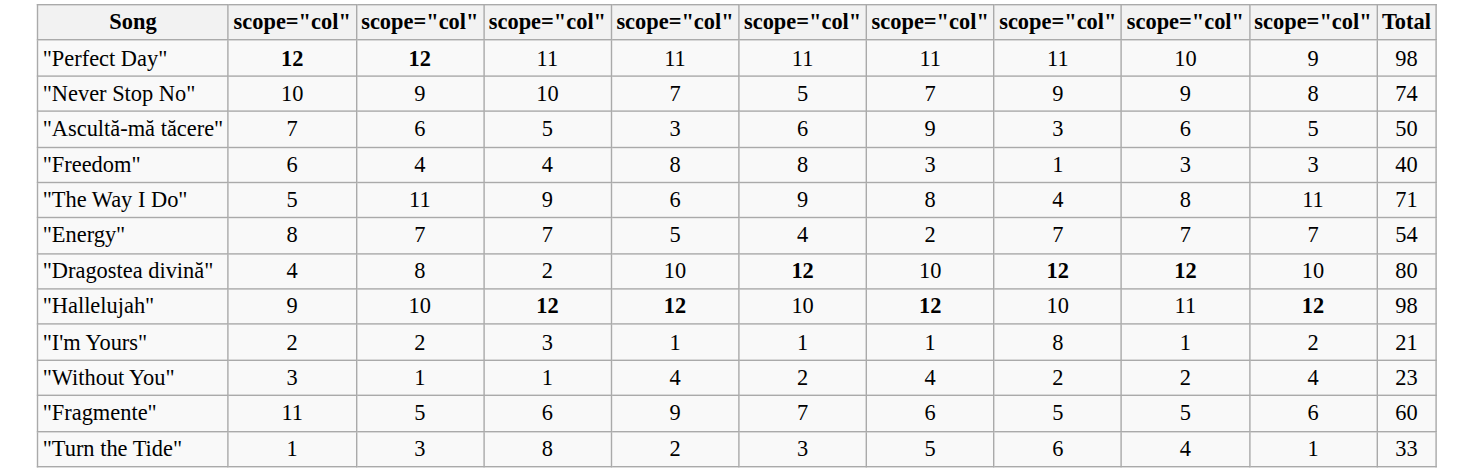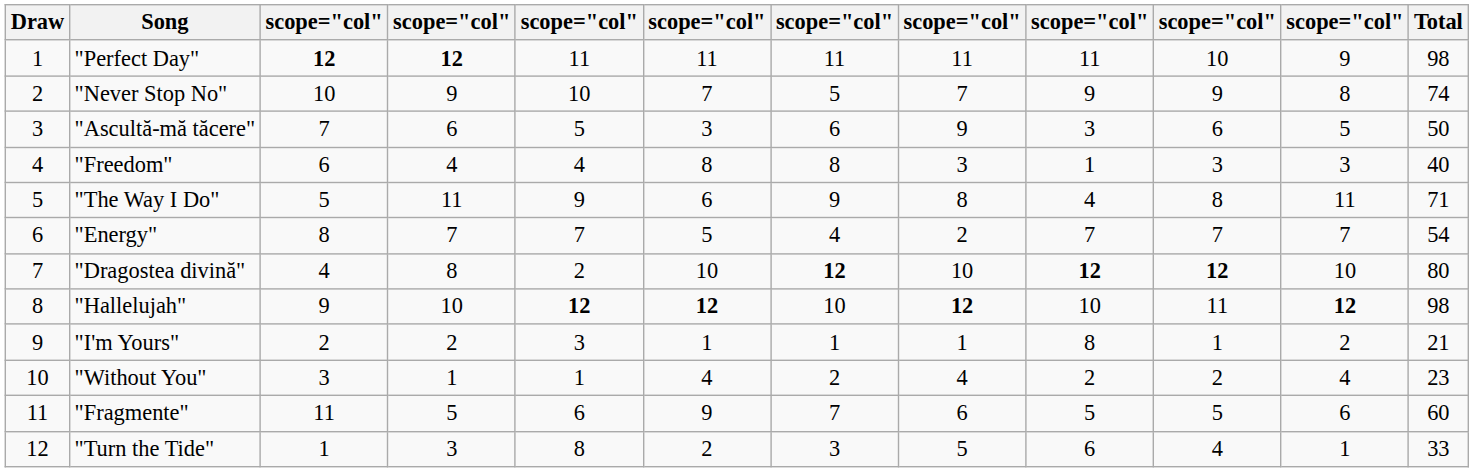 <table class="wikitable collapsible" style="margin: 1em auto 1em auto; text-align:center;">
 <tr>
+<th>Draw</th>
 <th>Song</th>
 <th>scope="col" </th>
 <th>scope="col" </th>
 <th>scope="col" </th>
 <th>scope="col" </th>
 <th>scope="col" </th>
 <th>scope="col" </th>
 <th>scope="col" </th>
 <th>scope="col" </th>
 <th>scope="col" </th>
 <th>Total</th>
 </tr>
 <tr>
+<td>1</td>
 <td align="left">"Perfect Day"</td>
 <td><strong>12</strong></td>
 <td><strong>12</strong></td>
 <td>11</td>
 <td>11</td>
 <td>11</td>
 <td>11</td>
 <td>11</td>
 <td>10</td>
 <td>9</td>
 <td>98</td>
 </tr>
 <tr>
+<td>2</td>
 <td align="left">"Never Stop No"</td>
 <td>10</td>
 <td>9</td>
 <td>10</td>
 <td>7</td>
 <td>5</td>
 <td>7</td>
 <td>9</td>
 <td>9</td>
 <td>8</td>
 <td>74</td>
 </tr>
 <tr>
+<td>3</td>
 <td align="left">"Ascultă-mă tăcere"</td>
 <td>7</td>
 <td>6</td>
 <td>5</td>
 <td>3</td>
 <td>6</td>
 <td>9</td>
 <td>3</td>
 <td>6</td>
 <td>5</td>
 <td>50</td>
 </tr>
 <tr>
+<td>4</td>
 <td align="left">"Freedom"</td>
 <td>6</td>
 <td>4</td>
 <td>4</td>
 <td>8</td>
 <td>8</td>
 <td>3</td>
 <td>1</td>
 <td>3</td>
 <td>3</td>
 <td>40</td>
 </tr>
 <tr>
+<td>5</td>
 <td align="left">"The Way I Do"</td>
 <td>5</td>
 <td>11</td>
 <td>9</td>
 <td>6</td>
 <td>9</td>
 <td>8</td>
 <td>4</td>
 <td>8</td>
 <td>11</td>
 <td>71</td>
 </tr>
 <tr>
+<td>6</td>
 <td align="left">"Energy"</td>
 <td>8</td>
 <td>7</td>
 <td>7</td>
 <td>5</td>
 <td>4</td>
 <td>2</td>
 <td>7</td>
 <td>7</td>
 <td>7</td>
 <td>54</td>
 </tr>
 <tr>
+<td>7</td>
 <td align="left">"Dragostea divină"</td>
 <td>4</td>
 <td>8</td>
 <td>2</td>
 <td>10</td>
 <td><strong>12</strong></td>
 <td>10</td>
 <td><strong>12</strong></td>
 <td><strong>12</strong></td>
 <td>10</td>
 <td>80</td>
 </tr>
 <tr>
+<td>8</td>
 <td align="left">"Hallelujah"</td>
 <td>9</td>
 <td>10</td>
 <td><strong>12</strong></td>
 <td><strong>12</strong></td>
 <td>10</td>
 <td><strong>12</strong></td>
 <td>10</td>
 <td>11</td>
 <td><strong>12</strong></td>
 <td>98</td>
 </tr>
 <tr>
+<td>9</td>
 <td align="left">"I'm Yours"</td>
 <td>2</td>
 <td>2</td>
 <td>3</td>
 <td>1</td>
 <td>1</td>
 <td>1</td>
 <td>8</td>
 <td>1</td>
 <td>2</td>
 <td>21</td>
 </tr>
 <tr>
+<td>10</td>
 <td align="left">"Without You"</td>
 <td>3</td>
 <td>1</td>
 <td>1</td>
 <td>4</td>
 <td>2</td>
 <td>4</td>
 <td>2</td>
 <td>2</td>
 <td>4</td>
 <td>23</td>
 </tr>
 <tr>
+<td>11</td>
 <td align="left">"Fragmente"</td>
 <td>11</td>
 <td>5</td>
 <td>6</td>
 <td>9</td>
 <td>7</td>
 <td>6</td>
 <td>5</td>
 <td>5</td>
 <td>6</td>
 <td>60</td>
 </tr>
 <tr>
+<td>12</td>
 <td align="left">"Turn the Tide"</td>
 <td>1</td>
 <td>3</td>
 <td>8</td>
 <td>2</td>
 <td>3</td>
 <td>5</td>
 <td>6</td>
 <td>4</td>
 <td>1</td>
 <td>33</td>
 </tr>
 </table>
